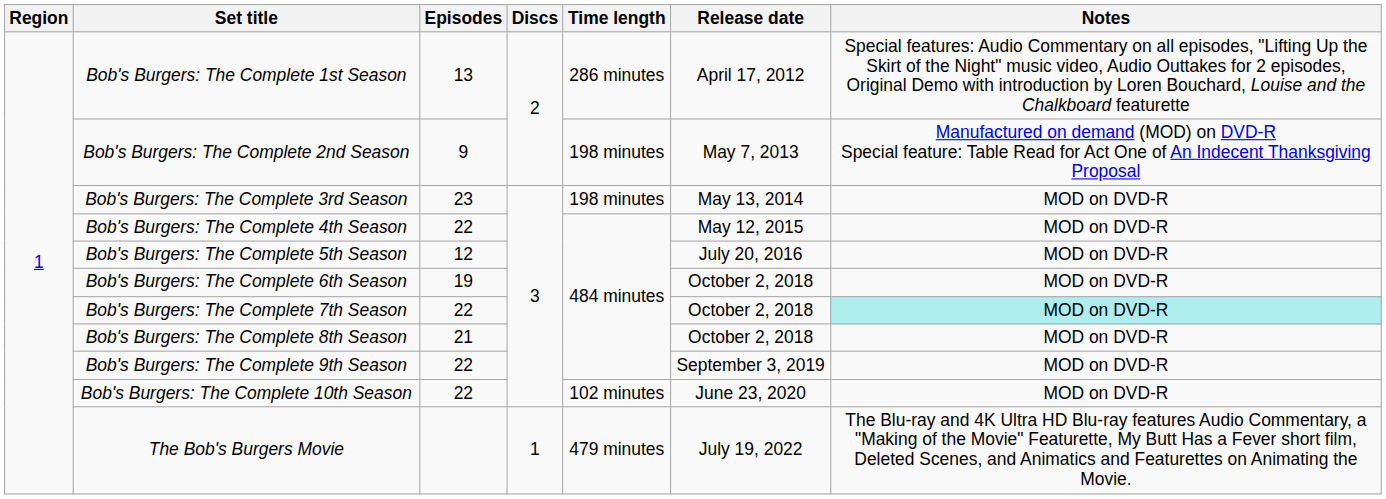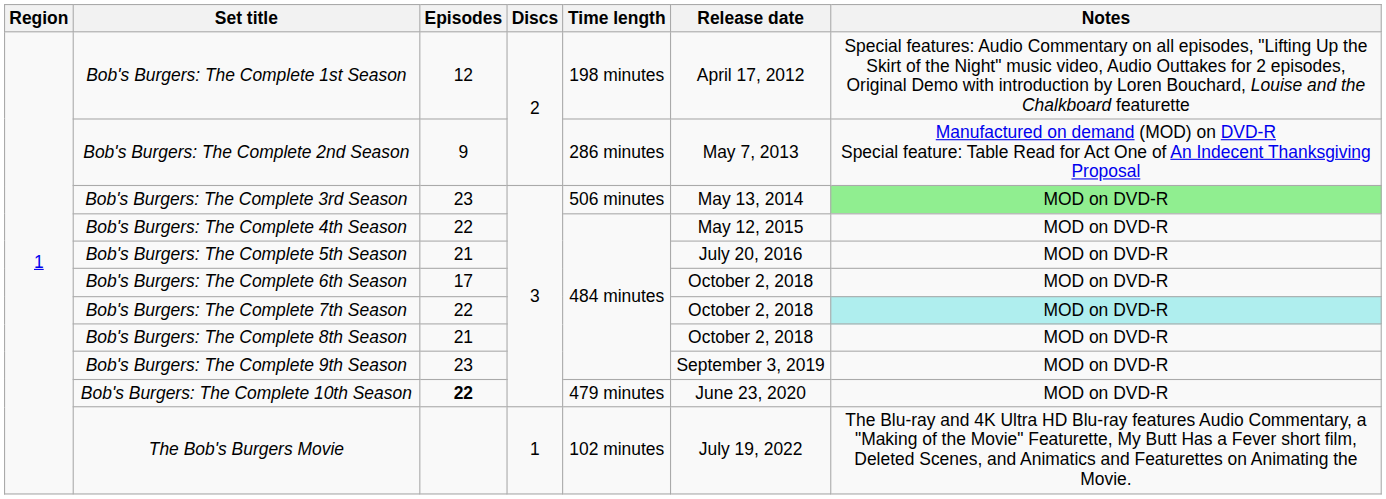 <table class="wikitable" style="width: 100%; margin: auto; text-align: center">
 <tr>
 <th>Region</th>
 <th>Set title</th>
 <th>Episodes</th>
 <th>Discs</th>
 <th>Time length</th>
 <th>Release date</th>
 <th style="width: 40%;">Notes</th>
 </tr>
 <tr>
 <td rowspan=11><a href='#'>1</a></td>
 <td><em>Bob's Burgers: The Complete 1st Season</em></td>
-<td>13</td>
+<td>12</td>
 <td rowspan=2>2</td>
-<td>286 minutes</td>
+<td>198 minutes</td>
 <td>April 17, 2012</td>
 <td>Special features: Audio Commentary on all episodes, "Lifting Up the Skirt of the Night" music video, Audio Outtakes for 2 episodes, Original Demo with introduction by Loren Bouchard, <em>Louise and the Chalkboard</em> featurette</td>
 </tr>
 <tr>
 <td><em>Bob's Burgers: The Complete 2nd Season</em></td>
 <td>9</td>
-<td>198 minutes</td>
+<td>286 minutes</td>
 <td>May 7, 2013</td>
 <td><a href='#'>Manufactured on demand</a> (MOD) on <a href='#'>DVD-R</a><br>Special feature: Table Read for Act One of <a href='#'>An Indecent Thanksgiving Proposal</a></td>
 </tr>
 <tr>
 <td><em>Bob's Burgers: The Complete 3rd Season</em></td>
 <td>23</td>
 <td rowspan=8>3</td>
-<td>198 minutes</td>
+<td>506 minutes</td>
 <td>May 13, 2014</td>
-<td>MOD on DVD-R</td>
+<td style="background: lightgreen;">MOD on DVD-R</td>
 </tr>
 <tr>
 <td><em>Bob's Burgers: The Complete 4th Season</em></td>
 <td>22</td>
 <td rowspan=6>484 minutes</td>
 <td>May 12, 2015</td>
 <td>MOD on DVD-R</td>
 </tr>
 <tr>
 <td><em>Bob's Burgers: The Complete 5th Season</em></td>
-<td>12</td>
+<td>21</td>
 <td>July 20, 2016</td>
 <td>MOD on DVD-R</td>
 </tr>
 <tr>
 <td><em>Bob's Burgers: The Complete 6th Season</em></td>
-<td>19</td>
+<td>17</td>
 <td>October 2, 2018</td>
 <td>MOD on DVD-R</td>
 </tr>
 <tr>
 <td><em>Bob's Burgers: The Complete 7th Season</em></td>
 <td>22</td>
 <td>October 2, 2018</td>
 <td style="background: paleturquoise;">MOD on DVD-R</td>
 </tr>
 <tr>
 <td><em>Bob's Burgers: The Complete 8th Season</em></td>
 <td>21</td>
 <td>October 2, 2018</td>
 <td>MOD on DVD-R</td>
 </tr>
 <tr>
 <td><em>Bob's Burgers: The Complete 9th Season</em></td>
-<td>22</td>
+<td>23</td>
 <td>September 3, 2019</td>
 <td>MOD on DVD-R</td>
 </tr>
 <tr>
 <td><em>Bob's Burgers: The Complete 10th Season</em></td>
-<td>22</td>
-<td>102 minutes</td>
+<td><strong>22</strong></td>
+<td>479 minutes</td>
 <td>June 23, 2020</td>
 <td>MOD on DVD-R</td>
 </tr>
 <tr>
 <td><em>The Bob's Burgers Movie</em></td>
 <td></td>
 <td>1</td>
-<td>479 minutes</td>
+<td>102 minutes</td>
 <td>July 19, 2022</td>
 <td>The Blu-ray and 4K Ultra HD Blu-ray features Audio Commentary, a "Making of the Movie" Featurette, My Butt Has a Fever short film, Deleted Scenes, and Animatics and Featurettes on Animating the Movie.</td>
 </tr>
 </table>
